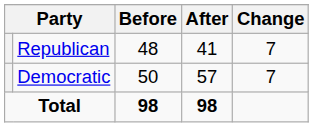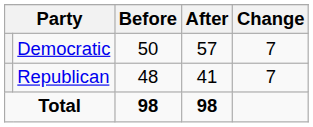 <table class="wikitable" style="text-align:center;">
 <tr>
 </tr>
 <tr>
 <th colspan=2>Party</th>
 <th>Before</th>
 <th>After</th>
 <th>Change</th>
 </tr>
 <tr>
 <th style="background-color:"></th>
-<td style="text-align:left;"><a href='#'>Republican</a></td>
-<td>48</td>
-<td>41</td>
+<td style="text-align:left;"><a href='#'>Democratic</a></td>
+<td>50</td>
+<td>57</td>
 <td> 7</td>
 </tr>
 <tr>
 <th style="background-color:"></th>
-<td style="text-align:left;"><a href='#'>Democratic</a></td>
-<td>50</td>
-<td>57</td>
+<td style="text-align:left;"><a href='#'>Republican</a></td>
+<td>48</td>
+<td>41</td>
 <td> 7</td>
 </tr>
 <tr>
 <td colspan=2><strong>Total</strong></td>
 <td><strong>98</strong></td>
 <td><strong>98</strong></td>
 <td></td>
 </tr>
 </table>
